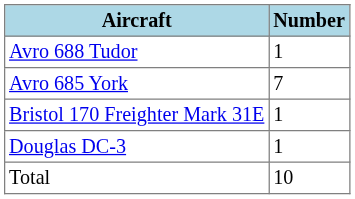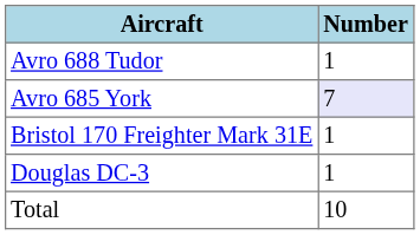 <table class="toccolours" border="1" cellpadding="3" style="border-collapse:collapse">
 <tr bgcolor=lightblue>
 <th>Aircraft</th>
 <th>Number</th>
 </tr>
 <tr>
 <td><a href='#'>Avro 688 Tudor</a></td>
 <td>1</td>
 </tr>
 <tr>
 <td><a href='#'>Avro 685 York</a></td>
-<td>7</td>
+<td style="background: lavender;">7</td>
 </tr>
 <tr>
 <td><a href='#'>Bristol 170 Freighter Mark 31E</a></td>
 <td>1</td>
 </tr>
 <tr>
 <td><a href='#'>Douglas DC-3</a></td>
 <td>1</td>
 </tr>
 <tr>
 <td>Total</td>
 <td>10</td>
 </tr>
 </table>
